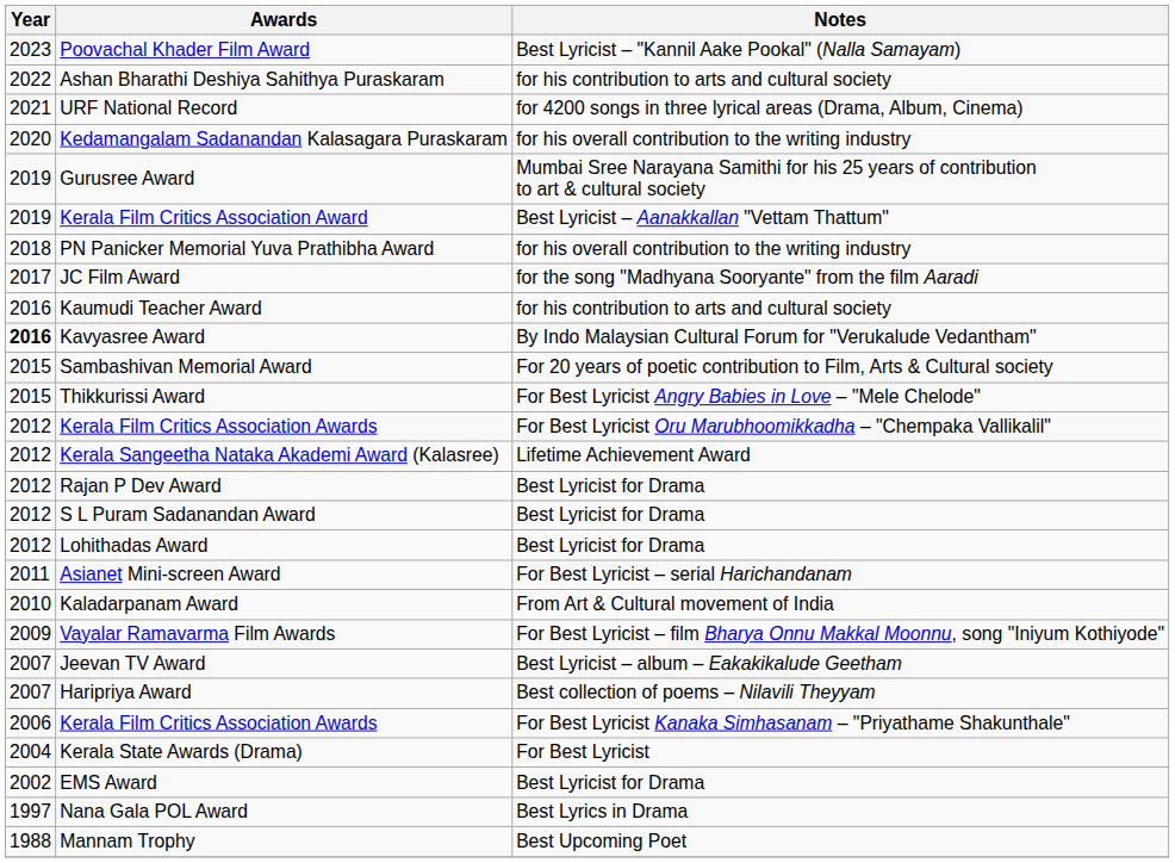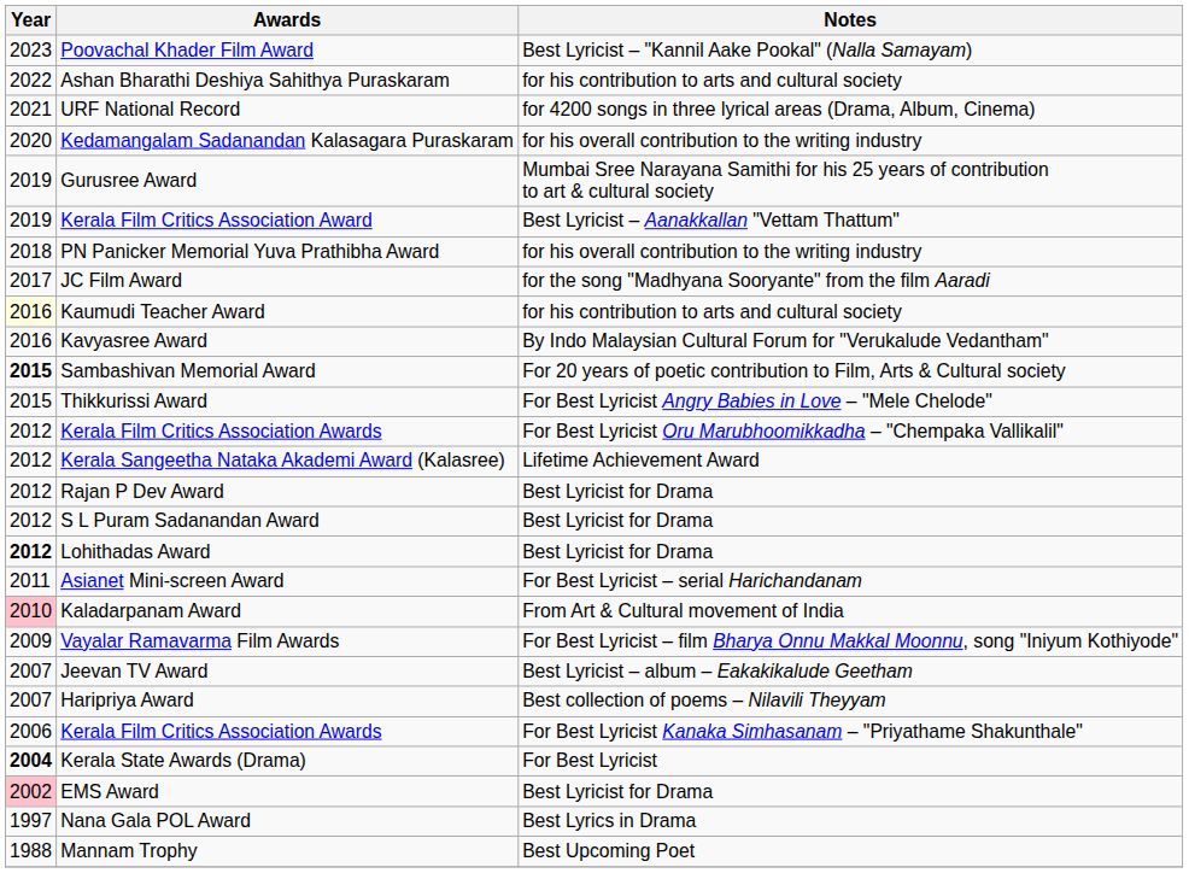 <table class="wikitable">
 <tr>
 <th>Year</th>
 <th>Awards</th>
 <th>Notes</th>
 </tr>
 <tr>
 <td>2023</td>
 <td><a href='#'>Poovachal Khader Film Award</a></td>
 <td>Best Lyricist – "Kannil Aake Pookal" (<em>Nalla Samayam</em>)</td>
 </tr>
 <tr>
 <td>2022</td>
 <td>Ashan Bharathi Deshiya Sahithya Puraskaram</td>
 <td>for his contribution to arts and cultural society</td>
 </tr>
 <tr>
 <td>2021</td>
 <td>URF National Record</td>
 <td>for 4200 songs in three lyrical areas (Drama, Album, Cinema)</td>
 </tr>
 <tr>
 <td>2020</td>
 <td><a href='#'>Kedamangalam Sadanandan</a> Kalasagara Puraskaram</td>
 <td>for his overall contribution to the writing industry</td>
 </tr>
 <tr>
 <td>2019</td>
 <td>Gurusree Award</td>
 <td>Mumbai Sree Narayana Samithi for his 25 years of contribution<br>to art & cultural society</td>
 </tr>
 <tr>
 <td>2019</td>
 <td><a href='#'>Kerala Film Critics Association Award</a></td>
 <td>Best Lyricist – <em><a href='#'>Aanakkallan</a></em> "Vettam Thattum"</td>
 </tr>
 <tr>
 <td>2018</td>
 <td>PN Panicker Memorial Yuva Prathibha Award</td>
 <td>for his overall contribution to the writing industry</td>
 </tr>
 <tr>
 <td>2017</td>
 <td>JC Film Award</td>
 <td>for the song "Madhyana Sooryante" from the film <em>Aaradi</em></td>
 </tr>
 <tr>
-<td>2016</td>
+<td style="background: lightyellow;">2016</td>
 <td>Kaumudi Teacher Award</td>
 <td>for his contribution to arts and cultural society</td>
 </tr>
 <tr>
-<td><strong>2016</strong></td>
+<td>2016</td>
 <td>Kavyasree Award</td>
 <td>By Indo Malaysian Cultural Forum for "Verukalude Vedantham"</td>
 </tr>
 <tr>
-<td>2015</td>
+<td><strong>2015</strong></td>
 <td>Sambashivan Memorial Award</td>
 <td>For 20 years of poetic contribution to Film, Arts & Cultural society</td>
 </tr>
 <tr>
 <td>2015</td>
 <td>Thikkurissi Award</td>
 <td>For Best Lyricist <em><a href='#'>Angry Babies in Love</a></em> – "Mele Chelode"</td>
 </tr>
 <tr>
 <td>2012</td>
 <td><a href='#'>Kerala Film Critics Association Awards</a></td>
 <td>For Best Lyricist <em><a href='#'>Oru Marubhoomikkadha</a></em> – "Chempaka Vallikalil"</td>
 </tr>
 <tr>
 <td>2012</td>
 <td><a href='#'>Kerala Sangeetha Nataka Akademi Award</a> (Kalasree)</td>
 <td>Lifetime Achievement Award</td>
 </tr>
 <tr>
 <td>2012</td>
 <td>Rajan P Dev Award</td>
 <td>Best Lyricist for Drama</td>
 </tr>
 <tr>
 <td>2012</td>
 <td>S L Puram Sadanandan Award</td>
 <td>Best Lyricist for Drama</td>
 </tr>
 <tr>
-<td>2012</td>
+<td><strong>2012</strong></td>
 <td>Lohithadas Award</td>
 <td>Best Lyricist for Drama</td>
 </tr>
 <tr>
 <td>2011</td>
 <td><a href='#'>Asianet</a> Mini-screen Award</td>
 <td>For Best Lyricist – serial <em>Harichandanam</em></td>
 </tr>
 <tr>
-<td>2010</td>
+<td style="background: pink;">2010</td>
 <td>Kaladarpanam Award</td>
 <td>From Art & Cultural movement of India</td>
 </tr>
 <tr>
 <td>2009</td>
 <td><a href='#'>Vayalar Ramavarma</a> Film Awards</td>
 <td>For Best Lyricist – film <em><a href='#'>Bharya Onnu Makkal Moonnu</a></em>, song "Iniyum Kothiyode"</td>
 </tr>
 <tr>
 <td>2007</td>
 <td>Jeevan TV Award</td>
 <td>Best Lyricist – album – <em>Eakakikalude Geetham</em></td>
 </tr>
 <tr>
 <td>2007</td>
 <td>Haripriya Award</td>
 <td>Best collection of poems – <em>Nilavili Theyyam</em></td>
 </tr>
 <tr>
 <td>2006</td>
 <td><a href='#'>Kerala Film Critics Association Awards</a></td>
 <td>For Best Lyricist <em><a href='#'>Kanaka Simhasanam</a></em> – "Priyathame Shakunthale"</td>
 </tr>
 <tr>
-<td>2004</td>
+<td><strong>2004</strong></td>
 <td>Kerala State Awards (Drama)</td>
 <td>For Best Lyricist</td>
 </tr>
 <tr>
-<td>2002</td>
+<td style="background: pink;">2002</td>
 <td>EMS Award</td>
 <td>Best Lyricist for Drama</td>
 </tr>
 <tr>
 <td>1997</td>
 <td>Nana Gala POL Award</td>
 <td>Best Lyrics in Drama</td>
 </tr>
 <tr>
 <td>1988</td>
 <td>Mannam Trophy</td>
 <td>Best Upcoming Poet</td>
 </tr>
 <tr>
 </tr>
 </table>
